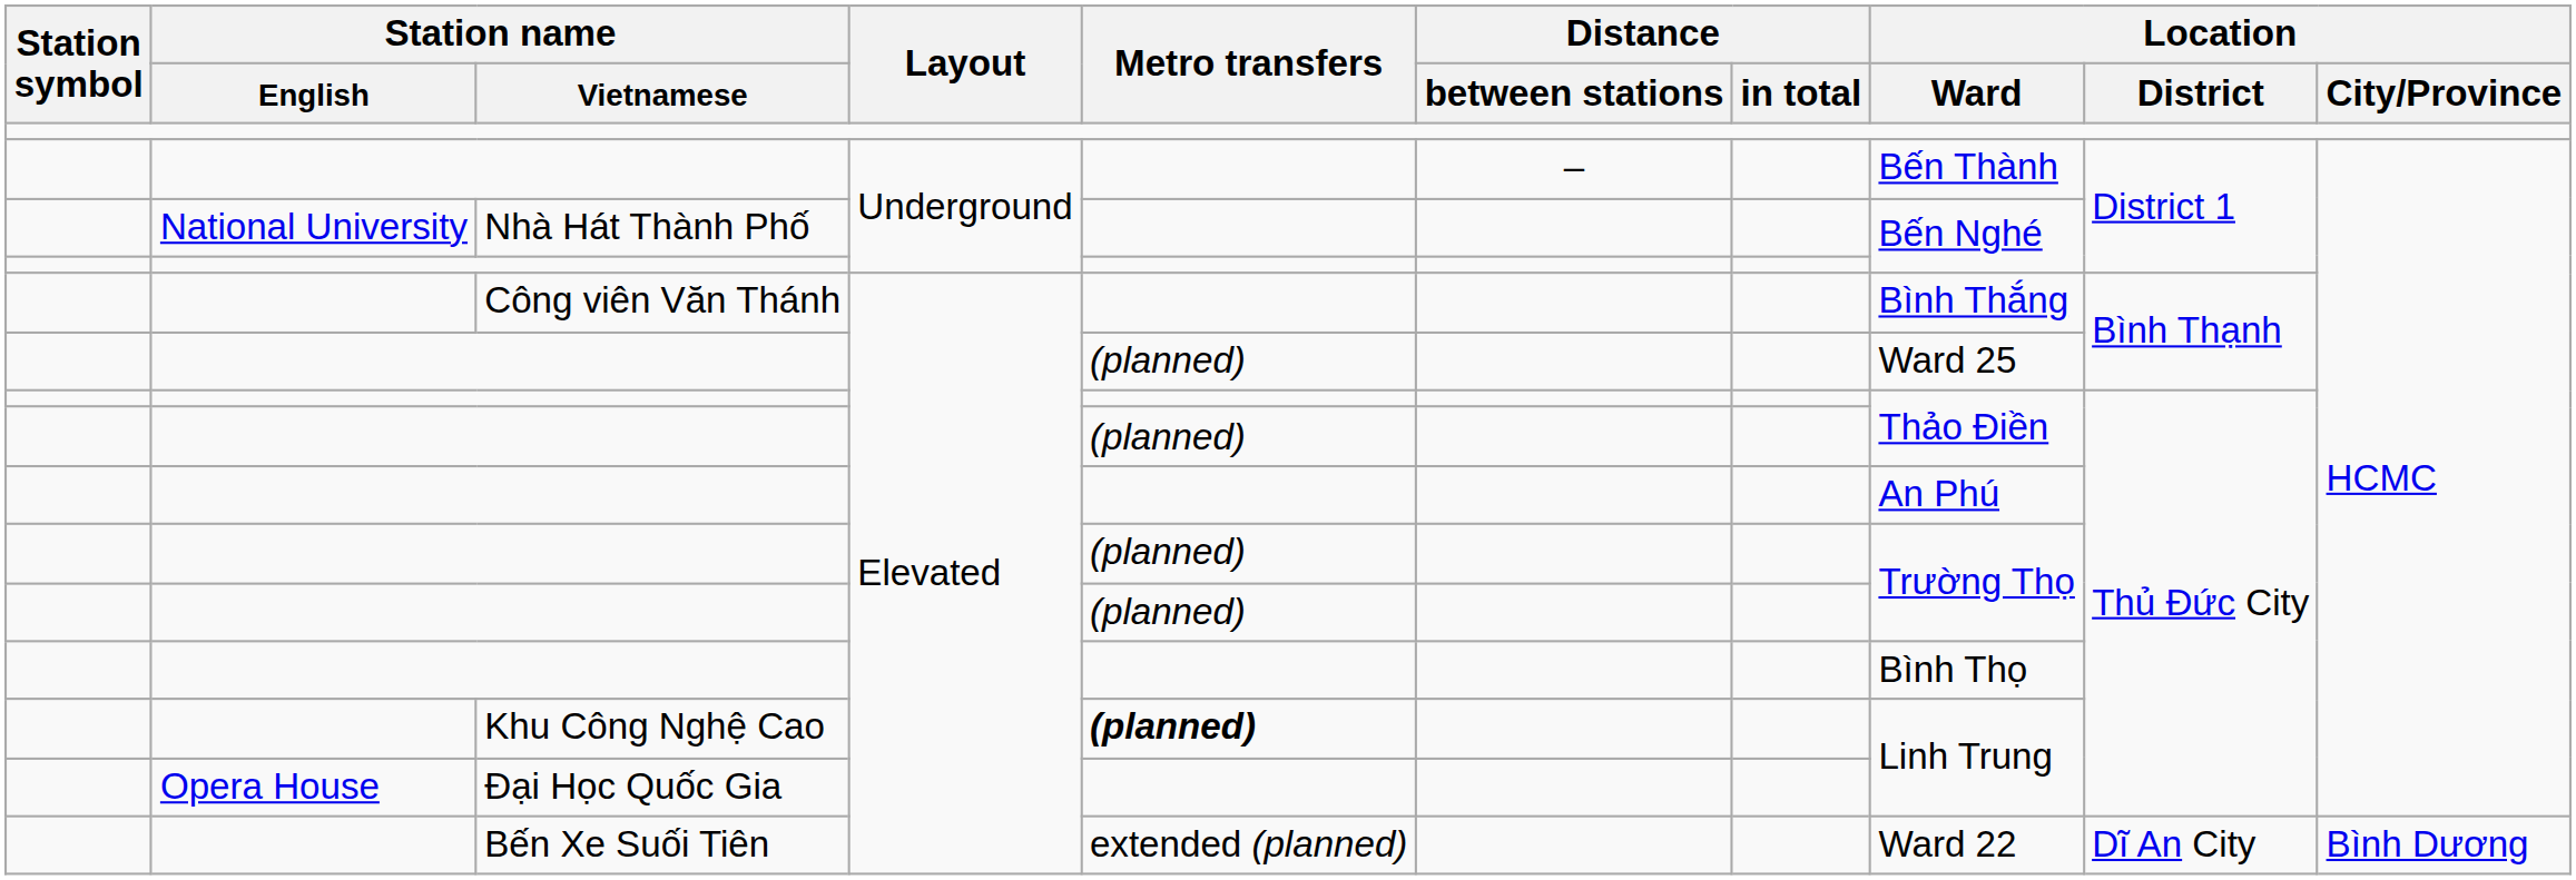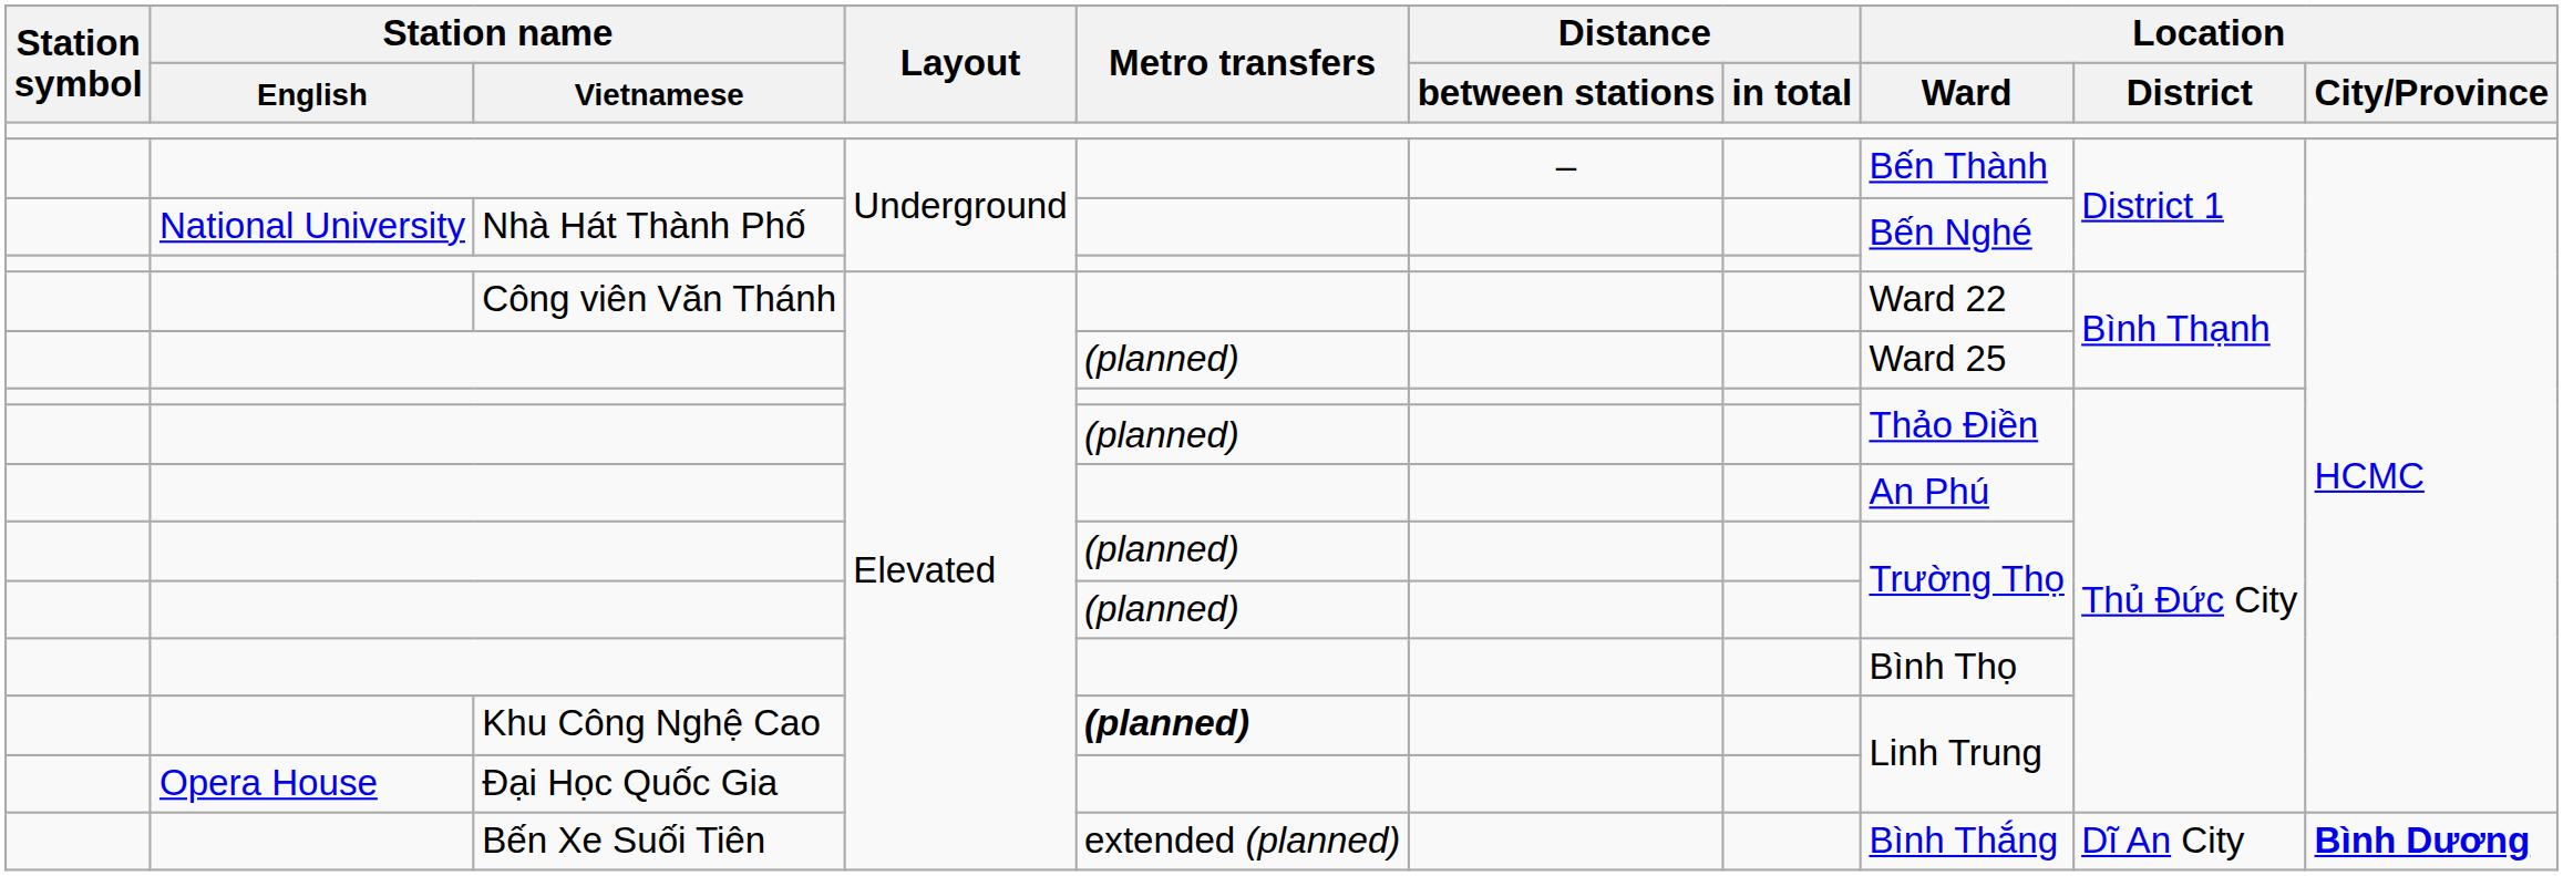 <table class="wikitable">
 <tr>
 <th rowspan=2 width="30">Station symbol</th>
 <th colspan=2>Station name</th>
 <th rowspan=2>Layout</th>
 <th rowspan=2>Metro transfers</th>
 <th colspan=2>Distance</th>
 <th colspan=3>Location</th>
 </tr>
 <tr>
 <th><small>English</small></th>
 <th><small>Vietnamese</small></th>
 <th>between stations</th>
 <th>in total</th>
 <th>Ward</th>
 <th>District</th>
 <th>City/Province</th>
 </tr>
 <tr style="background:#">
 <td colspan=10></td>
 </tr>
 <tr>
 <td style="text-align:center;"></td>
 <td style="text-align:center;" colspan=2></td>
 <td rowspan=3>Underground</td>
 <td></td>
 <td style="text-align:center;">–</td>
 <td style="text-align:center;"></td>
 <td><a href='#'>Bến Thành</a></td>
 <td rowspan=3><a href='#'>District 1</a></td>
 <td rowspan=13><a href='#'>HCMC</a></td>
 </tr>
 <tr>
 <td style="text-align:center;"></td>
 <td><a href='#'>National University</a></td>
 <td>Nhà Hát Thành Phố</td>
 <td></td>
 <td style="text-align:center;"></td>
 <td style="text-align:center;"></td>
 <td rowspan=2><a href='#'>Bến Nghé</a></td>
 </tr>
 <tr>
 <td style="text-align:center;"></td>
 <td style="text-align:center;" colspan=2></td>
 <td></td>
 <td style="text-align:center;"></td>
 <td style="text-align:center;"></td>
 </tr>
 <tr>
 <td style="text-align:center;"></td>
 <td></td>
 <td>Công viên Văn Thánh</td>
 <td rowspan=15>Elevated</td>
 <td></td>
 <td style="text-align:center;"></td>
 <td style="text-align:center;"></td>
-<td><a href='#'>Bình Thắng</a></td>
+<td>Ward 22</td>
 <td rowspan="2"><a href='#'>Bình Thạnh</a></td>
 </tr>
 <tr>
 <td style="text-align:center;"></td>
 <td style="text-align:center;" colspan=2></td>
 <td><a href='#'></a> <em>(planned)</em></td>
 <td style="text-align:center;"></td>
 <td style="text-align:center;"></td>
 <td>Ward 25</td>
 </tr>
 <tr>
 <td style="text-align:center;"></td>
 <td style="text-align:center;" colspan=2></td>
 <td></td>
 <td style="text-align:center;"></td>
 <td style="text-align:center;"></td>
 <td rowspan="2"><a href='#'>Thảo Điền</a></td>
 <td rowspan="8"><a href='#'>Thủ Đức</a> City</td>
 </tr>
 <tr>
 <td style="text-align:center;"></td>
 <td style="text-align:center;" colspan=2></td>
 <td><a href='#'></a> <em>(planned)</em></td>
 <td style="text-align:center;"></td>
 <td style="text-align:center;"></td>
 </tr>
 <tr>
 <td style="text-align:center;"></td>
 <td style="text-align:center;" colspan=2></td>
 <td></td>
 <td style="text-align:center;"></td>
 <td style="text-align:center;"></td>
 <td><a href='#'>An Phú</a></td>
 </tr>
 <tr>
 <td style="text-align:center;"></td>
 <td style="text-align:center;" colspan=2></td>
 <td><a href='#'></a> <em>(planned)</em></td>
 <td style="text-align:center;"></td>
 <td style="text-align:center;"></td>
 <td rowspan="2"><a href='#'>Trường Thọ</a></td>
 </tr>
 <tr>
 <td style="text-align:center;"></td>
 <td style="text-align:center;" colspan=2></td>
 <td><a href='#'></a> <em>(planned)</em></td>
 <td style="text-align:center;"></td>
 <td style="text-align:center;"></td>
 </tr>
 <tr>
 <td style="text-align:center;"></td>
 <td style="text-align:center;" colspan=2></td>
 <td></td>
 <td style="text-align:center;"></td>
 <td style="text-align:center;"></td>
 <td>Bình Thọ</td>
 </tr>
 <tr>
 <td style="text-align:center;"></td>
 <td></td>
 <td>Khu Công Nghệ Cao</td>
 <td><strong><a href='#'></a> <em>(planned)</em></strong></td>
 <td style="text-align:center;"></td>
 <td style="text-align:center;"></td>
 <td rowspan="2">Linh Trung</td>
 </tr>
 <tr>
 <td style="text-align:center;"></td>
 <td><a href='#'>Opera House</a></td>
 <td>Đại Học Quốc Gia</td>
 <td></td>
 <td style="text-align:center;"></td>
 <td style="text-align:center;"></td>
 </tr>
 <tr>
 <td style="text-align:center;"></td>
 <td></td>
 <td>Bến Xe Suối Tiên</td>
 <td> extended <em>(planned)</em></td>
 <td style="text-align:center;"></td>
 <td style="text-align:center;"></td>
-<td>Ward 22</td>
+<td><a href='#'>Bình Thắng</a></td>
 <td><a href='#'>Dĩ An</a> City</td>
-<td><a href='#'>Bình Dương</a></td>
+<td><strong><a href='#'>Bình Dương</a></strong></td>
 </tr>
 </table>
